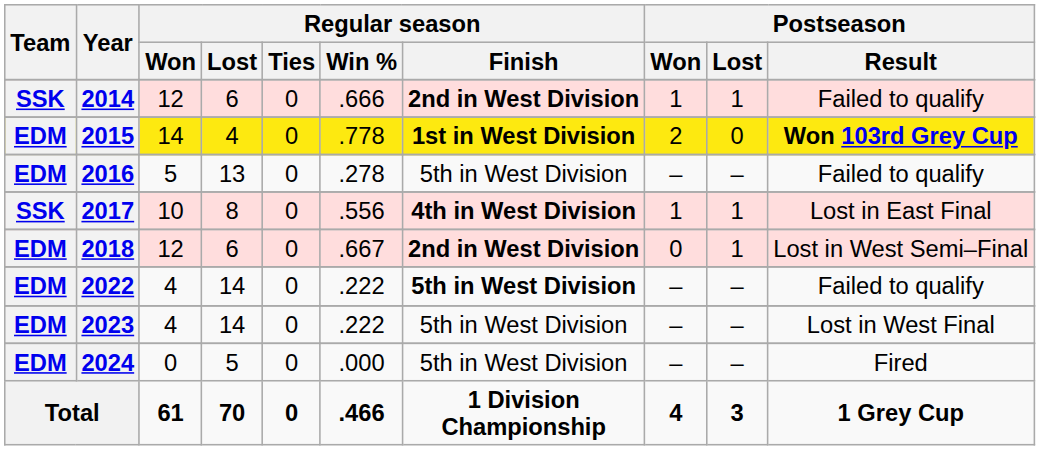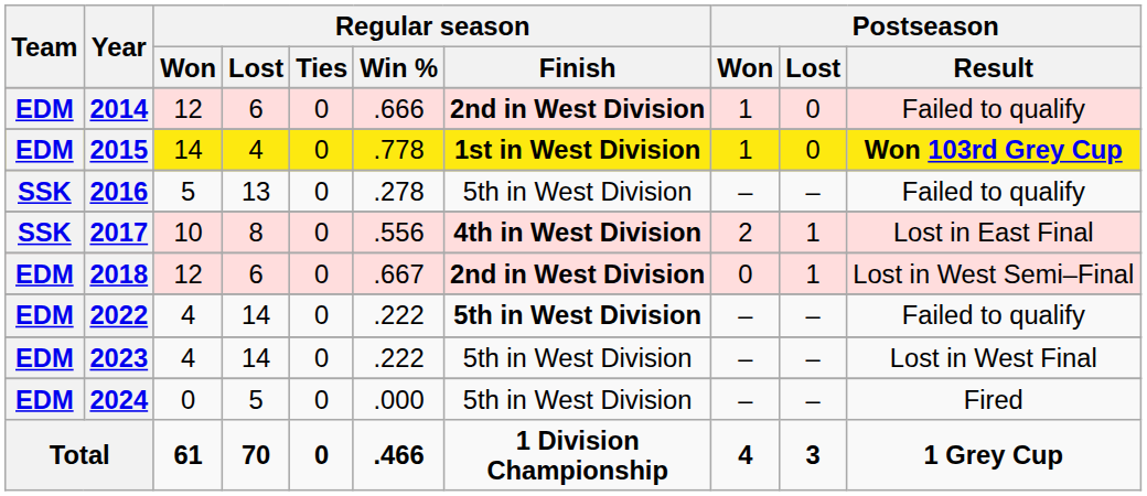 <table class="wikitable" style="font-size: 95%; text-align:center;">
 <tr>
 <th rowspan="2">Team</th>
 <th rowspan="2">Year</th>
 <th colspan="5">Regular season</th>
 <th colspan="4">Postseason</th>
 </tr>
 <tr>
 <th>Won</th>
 <th>Lost</th>
 <th>Ties</th>
 <th>Win %</th>
 <th>Finish</th>
 <th>Won</th>
 <th>Lost</th>
 <th>Result</th>
 </tr>
 <tr>
 </tr>
 <tr ! style="background:#fdd;">
-<th><a href='#'>SSK</a></th>
+<th><a href='#'>EDM</a></th>
 <th><a href='#'>2014</a></th>
 <td>12</td>
 <td>6</td>
 <td>0</td>
 <td>.666</td>
 <td><strong>2nd in West Division</strong></td>
 <td>1</td>
-<td>1</td>
+<td>0</td>
 <td>Failed to qualify</td>
 </tr>
 <tr>
 </tr>
 <tr ! style="background:#FDE910;">
 <th><a href='#'>EDM</a></th>
 <th><a href='#'>2015</a></th>
 <td>14</td>
 <td>4</td>
 <td>0</td>
 <td>.778</td>
 <td><strong>1st in West Division</strong></td>
-<td>2</td>
+<td>1</td>
 <td>0</td>
 <td><strong>Won <a href='#'>103rd Grey Cup</a></strong></td>
 </tr>
 <tr>
 </tr>
 <tr ! style="background:">
-<th><a href='#'>EDM</a></th>
+<th><a href='#'>SSK</a></th>
 <th><a href='#'>2016</a></th>
 <td>5</td>
 <td>13</td>
 <td>0</td>
 <td>.278</td>
 <td>5th in West Division</td>
 <td>–</td>
 <td>–</td>
 <td>Failed to qualify</td>
 </tr>
 <tr>
 </tr>
 <tr ! style="background:#fdd;">
 <th><a href='#'>SSK</a></th>
 <th><a href='#'>2017</a></th>
 <td>10</td>
 <td>8</td>
 <td>0</td>
 <td>.556</td>
 <td><strong>4th in West Division</strong></td>
-<td>1</td>
+<td>2</td>
 <td>1</td>
 <td>Lost in East Final</td>
 </tr>
 <tr>
 </tr>
 <tr ! style="background:#fdd;">
 <th><a href='#'>EDM</a></th>
 <th><a href='#'>2018</a></th>
 <td>12</td>
 <td>6</td>
 <td>0</td>
 <td>.667</td>
 <td><strong>2nd in West Division</strong></td>
 <td>0</td>
 <td>1</td>
 <td>Lost in West Semi–Final</td>
 </tr>
 <tr>
 </tr>
 <tr ! style="background:">
 <th><a href='#'>EDM</a></th>
 <th><a href='#'>2022</a></th>
 <td>4</td>
 <td>14</td>
 <td>0</td>
 <td>.222</td>
 <td><strong>5th in West Division</strong></td>
 <td>–</td>
 <td>–</td>
 <td>Failed to qualify</td>
 </tr>
 <tr>
 </tr>
 <tr ! style="background:">
 <th><a href='#'>EDM</a></th>
 <th><a href='#'>2023</a></th>
 <td>4</td>
 <td>14</td>
 <td>0</td>
 <td>.222</td>
 <td>5th in West Division</td>
 <td>–</td>
 <td>–</td>
 <td>Lost in West Final</td>
 </tr>
 <tr>
 </tr>
 <tr ! style="background:">
 <th><a href='#'>EDM</a></th>
 <th><a href='#'>2024</a></th>
 <td>0</td>
 <td>5</td>
 <td>0</td>
 <td>.000</td>
 <td>5th in West Division</td>
 <td>–</td>
 <td>–</td>
 <td>Fired</td>
 </tr>
 <tr>
 <th colspan="2"><strong>Total</strong></th>
 <td><strong>61</strong></td>
 <td><strong>70</strong></td>
 <td><strong>0</strong></td>
 <td><strong>.466</strong></td>
 <td><strong>1 Division<br>Championship</strong></td>
 <td><strong>4</strong></td>
 <td><strong>3</strong></td>
 <td><strong>1 Grey Cup</strong></td>
 </tr>
 </table>
